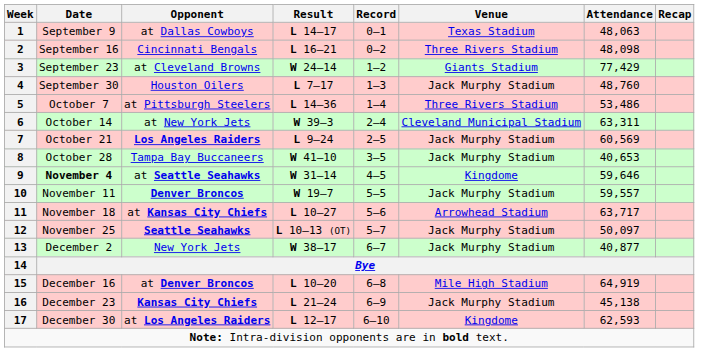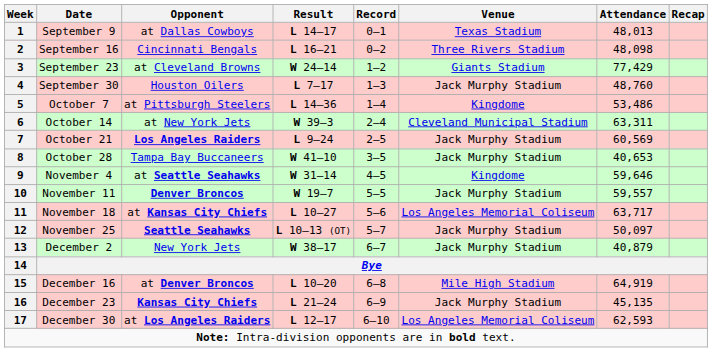 <table class="wikitable" style="text-align:center">
 <tr>
 <th>Week</th>
 <th>Date</th>
 <th>Opponent</th>
 <th>Result</th>
 <th>Record</th>
 <th>Venue</th>
 <th>Attendance</th>
 <th>Recap</th>
 </tr>
 <tr style="background:#fcc">
 <th>1</th>
 <td>September 9</td>
 <td>at <a href='#'>Dallas Cowboys</a></td>
 <td><strong>L</strong> 14–17</td>
 <td>0–1</td>
 <td><a href='#'>Texas Stadium</a></td>
-<td>48,063</td>
+<td>48,013</td>
 <td></td>
 </tr>
 <tr style="background:#fcc">
 <th>2</th>
 <td>September 16</td>
 <td><a href='#'>Cincinnati Bengals</a></td>
 <td><strong>L</strong> 16–21</td>
 <td>0–2</td>
 <td><a href='#'>Three Rivers Stadium</a></td>
 <td>48,098</td>
 <td></td>
 </tr>
 <tr style="background:#cfc">
 <th>3</th>
 <td>September 23</td>
 <td>at <a href='#'>Cleveland Browns</a></td>
 <td><strong>W</strong> 24–14</td>
 <td>1–2</td>
 <td><a href='#'>Giants Stadium</a></td>
 <td>77,429</td>
 <td></td>
 </tr>
 <tr style="background:#fcc">
 <th>4</th>
 <td>September 30</td>
 <td><a href='#'>Houston Oilers</a></td>
 <td><strong>L</strong> 7–17</td>
 <td>1–3</td>
 <td>Jack Murphy Stadium</td>
 <td>48,760</td>
 <td></td>
 </tr>
 <tr style="background:#fcc">
 <th>5</th>
 <td>October 7</td>
 <td>at <a href='#'>Pittsburgh Steelers</a></td>
 <td><strong>L</strong> 14–36</td>
 <td>1–4</td>
-<td><a href='#'>Three Rivers Stadium</a></td>
+<td><a href='#'>Kingdome</a></td>
 <td>53,486</td>
 <td></td>
 </tr>
 <tr style="background:#cfc">
 <th>6</th>
 <td>October 14</td>
 <td>at <a href='#'>New York Jets</a></td>
 <td><strong>W</strong> 39–3</td>
 <td>2–4</td>
 <td><a href='#'>Cleveland Municipal Stadium</a></td>
 <td>63,311</td>
 <td></td>
 </tr>
 <tr style="background:#fcc">
 <th>7</th>
 <td>October 21</td>
 <td><strong><a href='#'>Los Angeles Raiders</a></strong></td>
 <td><strong>L</strong> 9–24</td>
 <td>2–5</td>
 <td>Jack Murphy Stadium</td>
 <td>60,569</td>
 <td></td>
 </tr>
 <tr style="background:#cfc">
 <th>8</th>
 <td>October 28</td>
 <td><a href='#'>Tampa Bay Buccaneers</a></td>
 <td><strong>W</strong> 41–10</td>
 <td>3–5</td>
 <td>Jack Murphy Stadium</td>
 <td>40,653</td>
 <td></td>
 </tr>
 <tr style="background:#cfc">
 <th>9</th>
-<td><strong>November 4</strong></td>
+<td>November 4</td>
 <td>at <strong><a href='#'>Seattle Seahawks</a></strong></td>
 <td><strong>W</strong> 31–14</td>
 <td>4–5</td>
 <td><a href='#'>Kingdome</a></td>
 <td>59,646</td>
 <td></td>
 </tr>
 <tr style="background:#cfc">
 <th>10</th>
 <td>November 11</td>
 <td><strong><a href='#'>Denver Broncos</a></strong></td>
 <td><strong>W</strong> 19–7</td>
 <td>5–5</td>
 <td>Jack Murphy Stadium</td>
 <td>59,557</td>
 <td></td>
 </tr>
 <tr style="background:#fcc">
 <th>11</th>
 <td>November 18</td>
 <td>at <strong><a href='#'>Kansas City Chiefs</a></strong></td>
 <td><strong>L</strong> 10–27</td>
 <td>5–6</td>
-<td><a href='#'>Arrowhead Stadium</a></td>
+<td><a href='#'>Los Angeles Memorial Coliseum</a></td>
 <td>63,717</td>
 <td></td>
 </tr>
 <tr style="background:#fcc">
 <th>12</th>
 <td>November 25</td>
 <td><strong><a href='#'>Seattle Seahawks</a></strong></td>
 <td><strong>L</strong> 10–13 <small>(OT)</small></td>
 <td>5–7</td>
 <td>Jack Murphy Stadium</td>
 <td>50,097</td>
 <td></td>
 </tr>
 <tr style="background:#cfc">
 <th>13</th>
 <td>December 2</td>
 <td><a href='#'>New York Jets</a></td>
 <td><strong>W</strong> 38–17</td>
 <td>6–7</td>
 <td>Jack Murphy Stadium</td>
-<td>40,877</td>
+<td>40,879</td>
 <td></td>
 </tr>
 <tr>
 <th>14</th>
 <th colspan="7"><em><a href='#'>Bye</a></em></th>
 </tr>
 <tr style="background:#fcc">
 <th>15</th>
 <td>December 16</td>
 <td>at <strong><a href='#'>Denver Broncos</a></strong></td>
 <td><strong>L</strong> 10–20</td>
 <td>6–8</td>
 <td><a href='#'>Mile High Stadium</a></td>
 <td>64,919</td>
 <td></td>
 </tr>
 <tr style="background:#fcc">
 <th>16</th>
 <td>December 23</td>
 <td><strong><a href='#'>Kansas City Chiefs</a></strong></td>
 <td><strong>L</strong> 21–24</td>
 <td>6–9</td>
 <td>Jack Murphy Stadium</td>
-<td>45,138</td>
+<td>45,135</td>
 <td></td>
 </tr>
 <tr style="background:#fcc">
 <th>17</th>
 <td>December 30</td>
 <td>at <strong><a href='#'>Los Angeles Raiders</a></strong></td>
 <td><strong>L</strong> 12–17</td>
 <td>6–10</td>
-<td><a href='#'>Kingdome</a></td>
+<td><a href='#'>Los Angeles Memorial Coliseum</a></td>
 <td>62,593</td>
 <td></td>
 </tr>
 <tr>
 <td colspan="8"><strong>Note:</strong> Intra-division opponents are in <strong>bold</strong> text.</td>
 </tr>
 </table>
